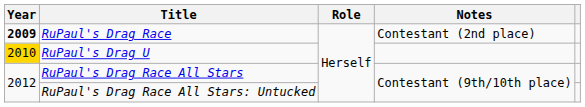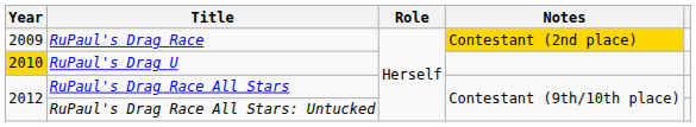 <table class="wikitable plainrowheaders sortable">
 <tr>
 <th scope="col">Year</th>
 <th scope="col">Title</th>
 <th scope="col">Role</th>
 <th scope="col">Notes</th>
 <th style="text-align: center;" class="unsortable"></th>
 </tr>
 <tr>
-<td><strong>2009</strong></td>
+<td>2009</td>
 <td scope="row"><a href='#'><em>RuPaul's Drag Race</em></a></td>
 <td rowspan="4">Herself</td>
-<td>Contestant (2nd place)</td>
+<td style="background: gold;">Contestant (2nd place)</td>
 <td style="text-align: center;"></td>
 </tr>
 <tr>
 <td style="background: gold;">2010</td>
 <td scope="row"><em><a href='#'>RuPaul's Drag U</a></em></td>
 <td></td>
 <td style="text-align: center;"></td>
 </tr>
 <tr>
 <td rowspan="2">2012</td>
 <td scope="row"><a href='#'><em>RuPaul's Drag Race All Stars</em></a></td>
 <td rowspan="2">Contestant (9th/10th place)</td>
 <td style="text-align: center;"></td>
 </tr>
 <tr>
 <td scope="row"><em>RuPaul's Drag Race All Stars: Untucked</em></td>
 <td style="text-align: center;"></td>
 </tr>
 </table>
